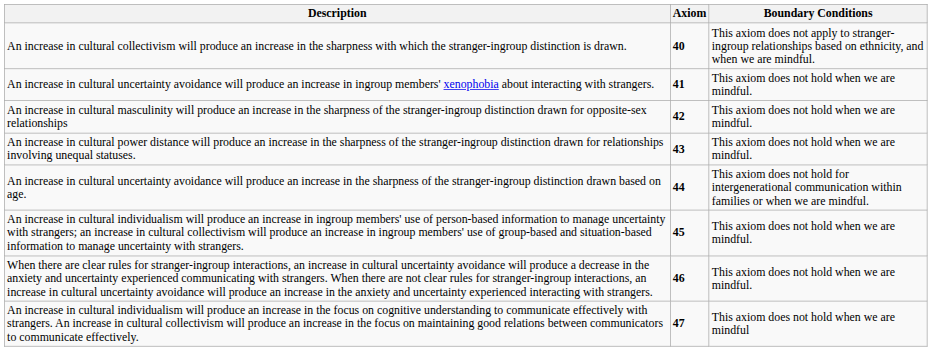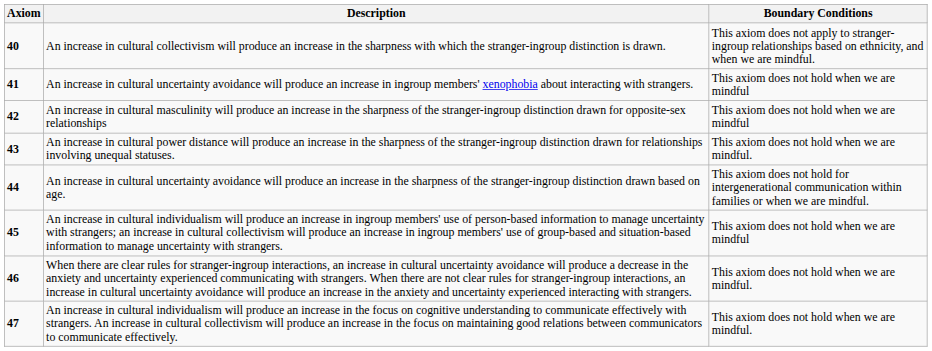 <table class="wikitable">
 <tr>
+<th>Axiom</th>
 <th>Description</th>
-<th>Axiom</th>
 <th>Boundary Conditions</th>
 </tr>
 <tr>
+<td><strong>40</strong></td>
 <td>An increase in cultural collectivism will produce an increase in the sharpness with which the stranger-ingroup distinction is drawn.</td>
-<td><strong>40</strong></td>
 <td>This axiom does not apply to stranger-ingroup relationships based on ethnicity, and when we are mindful.</td>
 </tr>
 <tr>
+<td><strong>41</strong></td>
 <td>An increase in cultural uncertainty avoidance will produce an increase in ingroup members' <a href='#'>xenophobia</a> about interacting with strangers.</td>
-<td><strong>41</strong></td>
+<td>This axiom does not hold when we are mindful</td>
+</tr>
+<tr>
+<td><strong>42</strong></td>
+<td>An increase in cultural masculinity will produce an increase in the sharpness of the stranger-ingroup distinction drawn for opposite-sex relationships</td>
+<td>This axiom does not hold when we are mindful</td>
+</tr>
+<tr>
+<td><strong>43</strong></td>
+<td>An increase in cultural power distance will produce an increase in the sharpness of the stranger-ingroup distinction drawn for relationships involving unequal statuses.</td>
 <td>This axiom does not hold when we are mindful.</td>
 </tr>
 <tr>
-<td>An increase in cultural masculinity will produce an increase in the sharpness of the stranger-ingroup distinction drawn for opposite-sex relationships</td>
-<td><strong>42</strong></td>
+<td><strong>44</strong></td>
+<td>An increase in cultural uncertainty avoidance will produce an increase in the sharpness of the stranger-ingroup distinction drawn based on age.</td>
+<td>This axiom does not hold for intergenerational communication within families or when we are mindful.</td>
+</tr>
+<tr>
+<td><strong>45</strong></td>
+<td>An increase in cultural individualism will produce an increase in ingroup members' use of person-based information to manage uncertainty with strangers; an increase in cultural collectivism will produce an increase in ingroup members' use of group-based and situation-based information to manage uncertainty with strangers.</td>
+<td>This axiom does not hold when we are mindful</td>
+</tr>
+<tr>
+<td><strong>46</strong></td>
+<td>When there are clear rules for stranger-ingroup interactions, an increase in cultural uncertainty avoidance will produce a decrease in the anxiety and uncertainty experienced communicating with strangers. When there are not clear rules for stranger-ingroup interactions, an increase in cultural uncertainty avoidance will produce an increase in the anxiety and uncertainty experienced interacting with strangers.</td>
 <td>This axiom does not hold when we are mindful.</td>
 </tr>
 <tr>
-<td>An increase in cultural power distance will produce an increase in the sharpness of the stranger-ingroup distinction drawn for relationships involving unequal statuses.</td>
-<td><strong>43</strong></td>
+<td><strong>47</strong></td>
+<td>An increase in cultural individualism will produce an increase in the focus on cognitive understanding to communicate effectively with strangers. An increase in cultural collectivism will produce an increase in the focus on maintaining good relations between communicators to communicate effectively.</td>
 <td>This axiom does not hold when we are mindful.</td>
 </tr>
-<tr>
-<td>An increase in cultural uncertainty avoidance will produce an increase in the sharpness of the stranger-ingroup distinction drawn based on age.</td>
-<td><strong>44</strong></td>
-<td>This axiom does not hold for intergenerational communication within families or when we are mindful.</td>
-</tr>
-<tr>
-<td>An increase in cultural individualism will produce an increase in ingroup members' use of person-based information to manage uncertainty with strangers; an increase in cultural collectivism will produce an increase in ingroup members' use of group-based and situation-based information to manage uncertainty with strangers.</td>
-<td><strong>45</strong></td>
-<td>This axiom does not hold when we are mindful.</td>
-</tr>
-<tr>
-<td>When there are clear rules for stranger-ingroup interactions, an increase in cultural uncertainty avoidance will produce a decrease in the anxiety and uncertainty experienced communicating with strangers. When there are not clear rules for stranger-ingroup interactions, an increase in cultural uncertainty avoidance will produce an increase in the anxiety and uncertainty experienced interacting with strangers.</td>
-<td><strong>46</strong></td>
-<td>This axiom does not hold when we are mindful.</td>
-</tr>
-<tr>
-<td>An increase in cultural individualism will produce an increase in the focus on cognitive understanding to communicate effectively with strangers. An increase in cultural collectivism will produce an increase in the focus on maintaining good relations between communicators to communicate effectively.</td>
-<td><strong>47</strong></td>
-<td>This axiom does not hold when we are mindful</td>
-</tr>
 </table>
